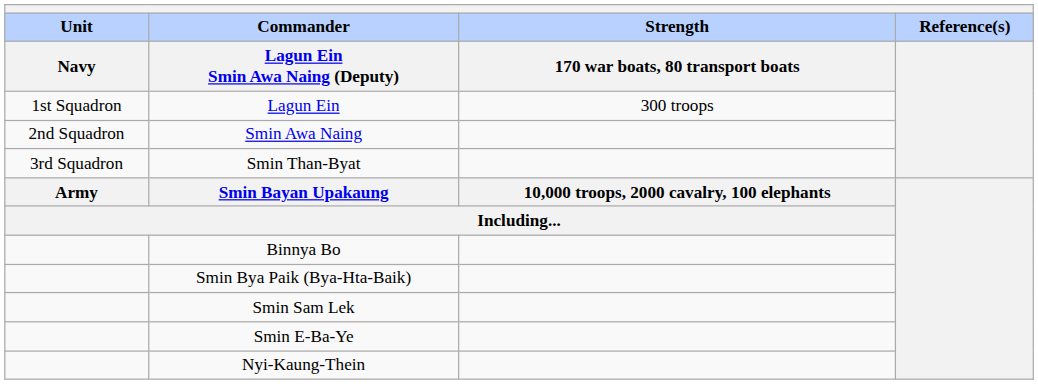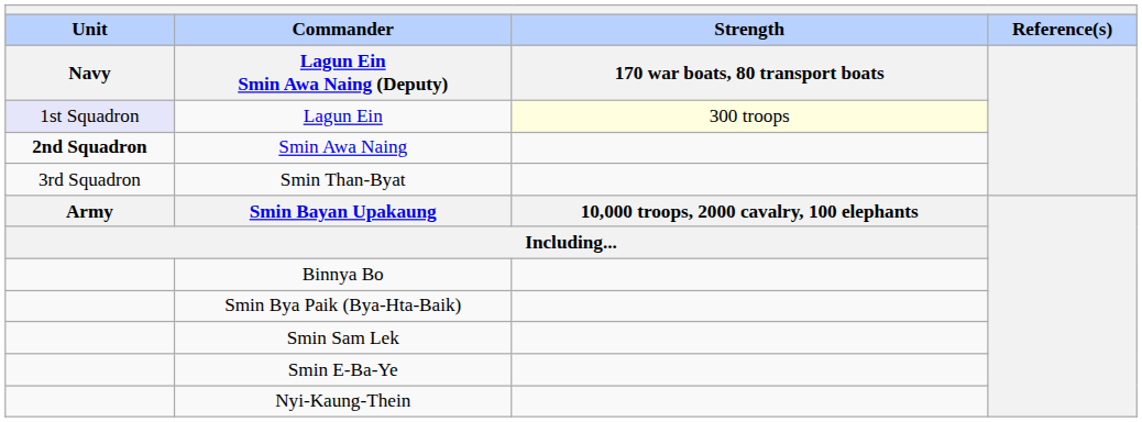 <table class="wikitable collapsible" style="min-width:60em; margin:0.3em auto; font-size:88%;">
 <tr>
 <th colspan=5></th>
 </tr>
 <tr>
 <th style="background-color:#B9D1FF">Unit</th>
 <th style="background-color:#B9D1FF">Commander</th>
 <th style="background-color:#B9D1FF">Strength</th>
 <th style="background-color:#B9D1FF">Reference(s)</th>
 </tr>
 <tr>
 <th colspan="1">Navy</th>
 <th colspan="1"><a href='#'>Lagun Ein</a> <br> <a href='#'>Smin Awa Naing</a> (Deputy)</th>
 <th colspan="1">170 war boats, 80 transport boats</th>
 <th rowspan="4"></th>
 </tr>
 <tr>
-<td align="center">1st Squadron</td>
+<td align="center" style="background: lavender;">1st Squadron</td>
 <td align="center"><a href='#'>Lagun Ein</a></td>
-<td align="center">300 troops</td>
+<td align="center" style="background: lightyellow;">300 troops</td>
 </tr>
 <tr>
-<td align="center">2nd Squadron</td>
+<td align="center"><strong>2nd Squadron</strong></td>
 <td align="center"><a href='#'>Smin Awa Naing</a></td>
 <td align="center"></td>
 </tr>
 <tr>
 <td align="center">3rd Squadron</td>
 <td align="center">Smin Than-Byat</td>
 <td align="center"></td>
 </tr>
 <tr>
 <th colspan="1">Army</th>
 <th colspan="1"><a href='#'>Smin Bayan Upakaung</a></th>
 <th colspan="1">10,000 troops, 2000 cavalry, 100 elephants</th>
 <th rowspan="7"></th>
 </tr>
 <tr>
 <th colspan="4">Including...</th>
 </tr>
 <tr>
 <td align="center"></td>
 <td align="center">Binnya Bo</td>
 <td align="center"></td>
 </tr>
 <tr>
 <td align="center"></td>
 <td align="center">Smin Bya Paik (Bya-Hta-Baik)</td>
 <td align="center"></td>
 </tr>
 <tr>
 <td align="center"></td>
 <td align="center">Smin Sam Lek</td>
 <td align="center"></td>
 </tr>
 <tr>
 <td align="center"></td>
 <td align="center">Smin E-Ba-Ye</td>
 <td align="center"></td>
 </tr>
 <tr>
 <td align="center"></td>
 <td align="center">Nyi-Kaung-Thein</td>
 <td align="center"></td>
 </tr>
 </table>
